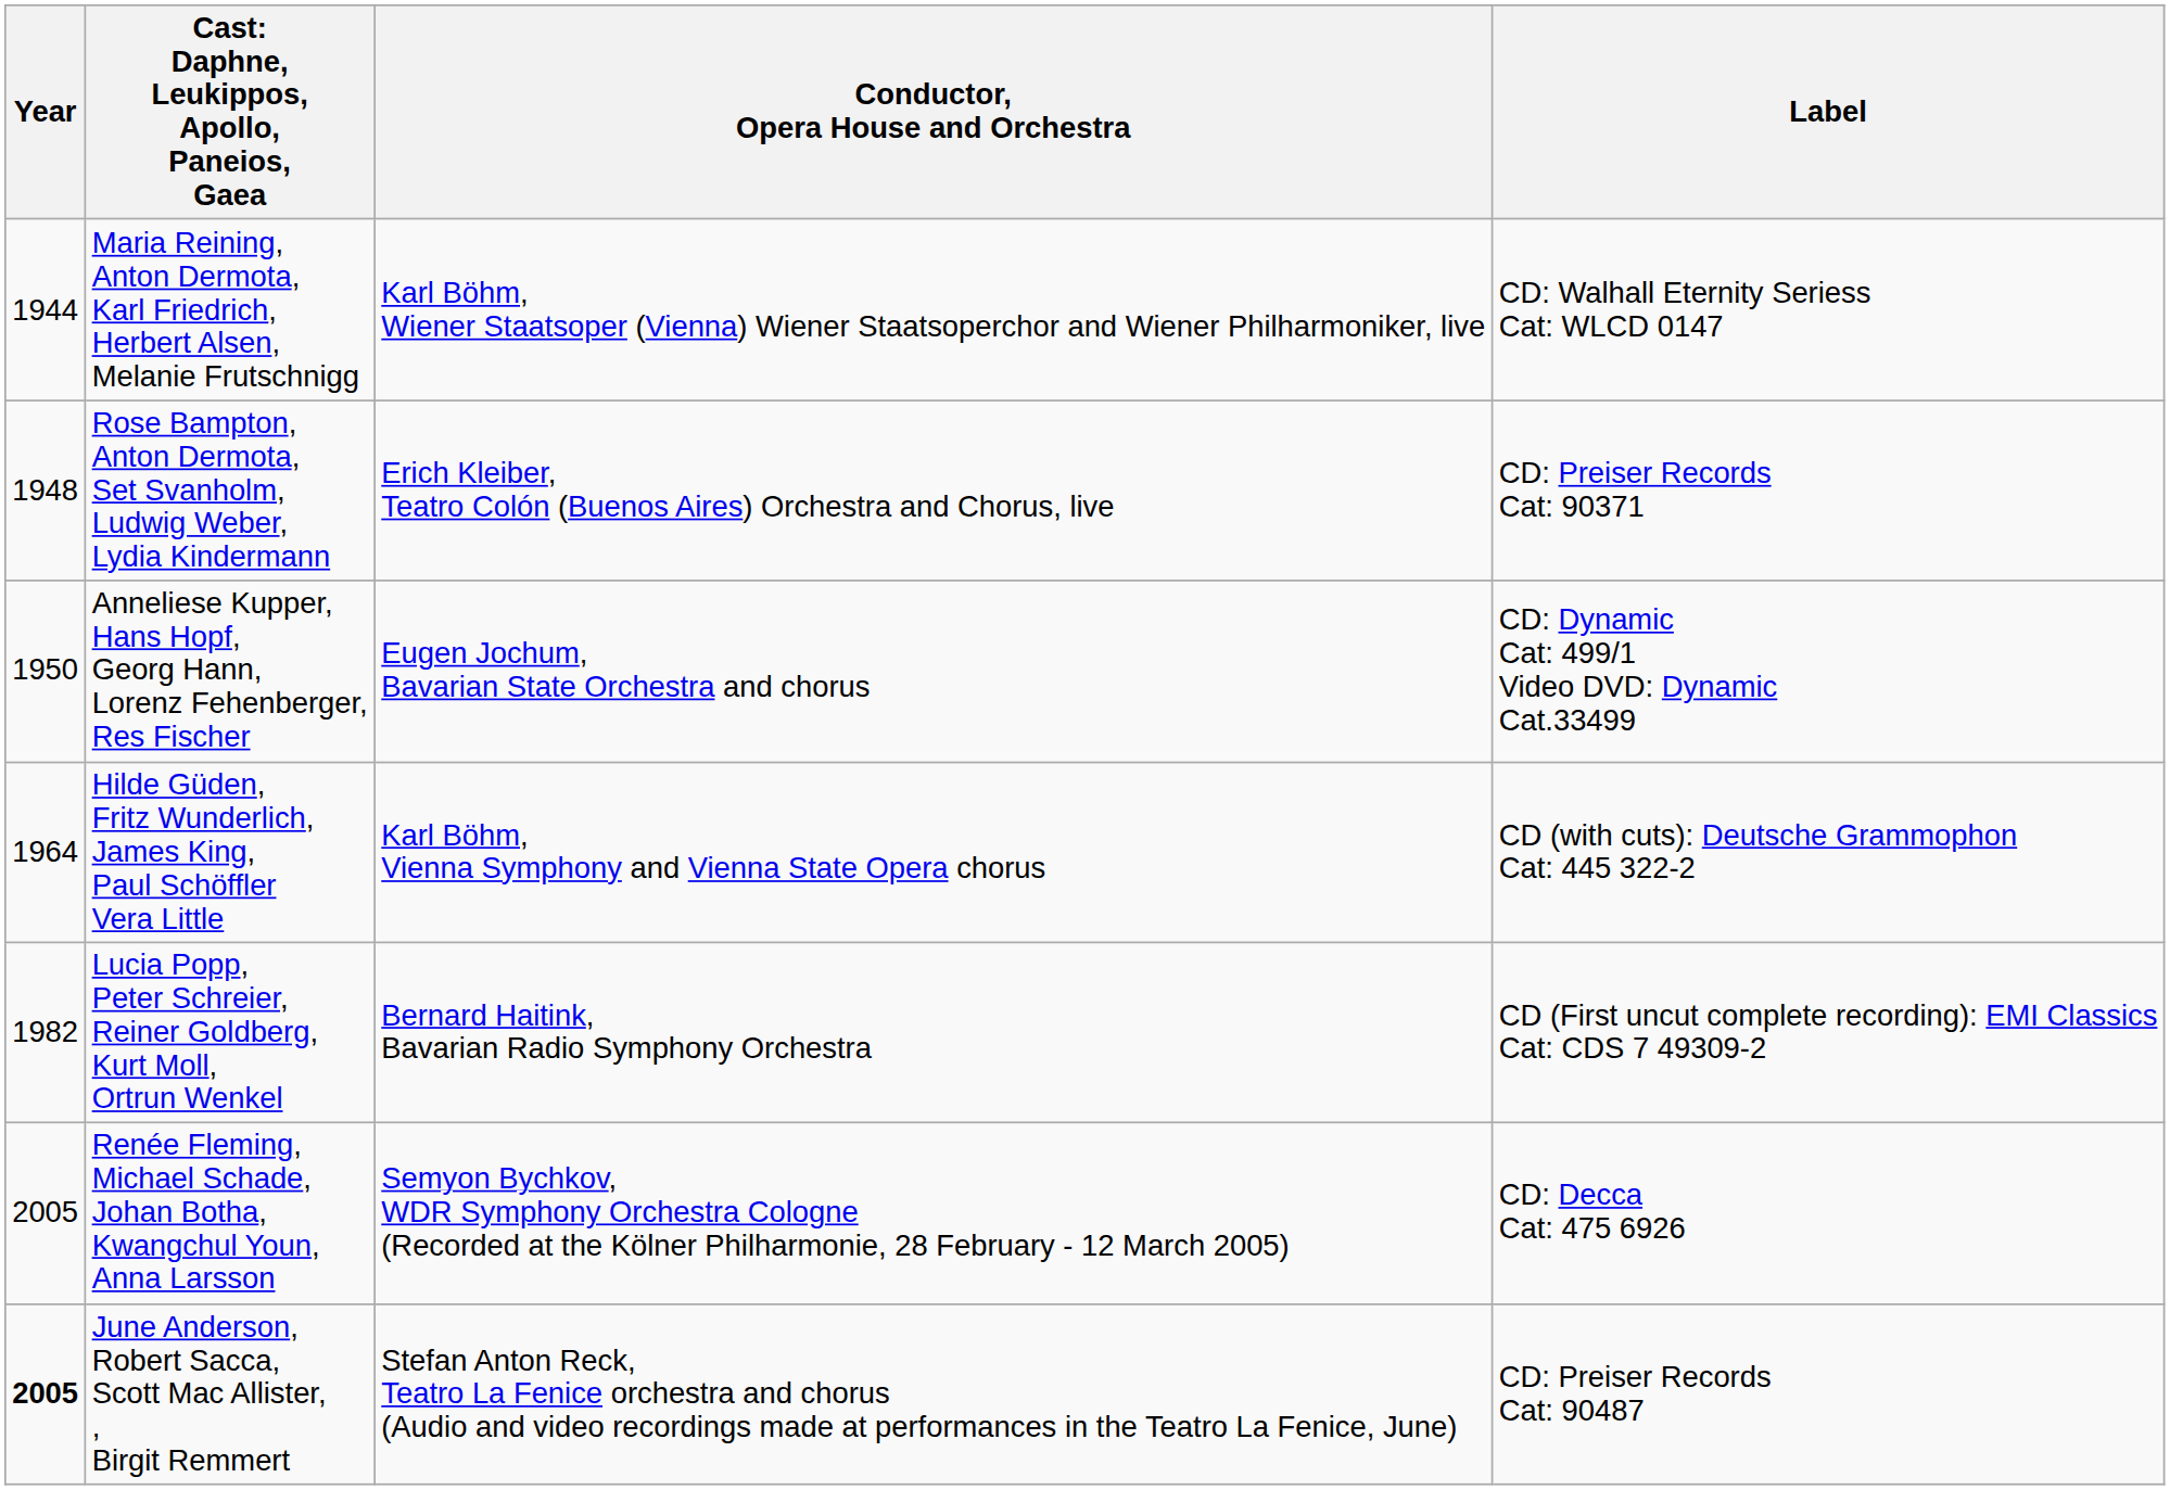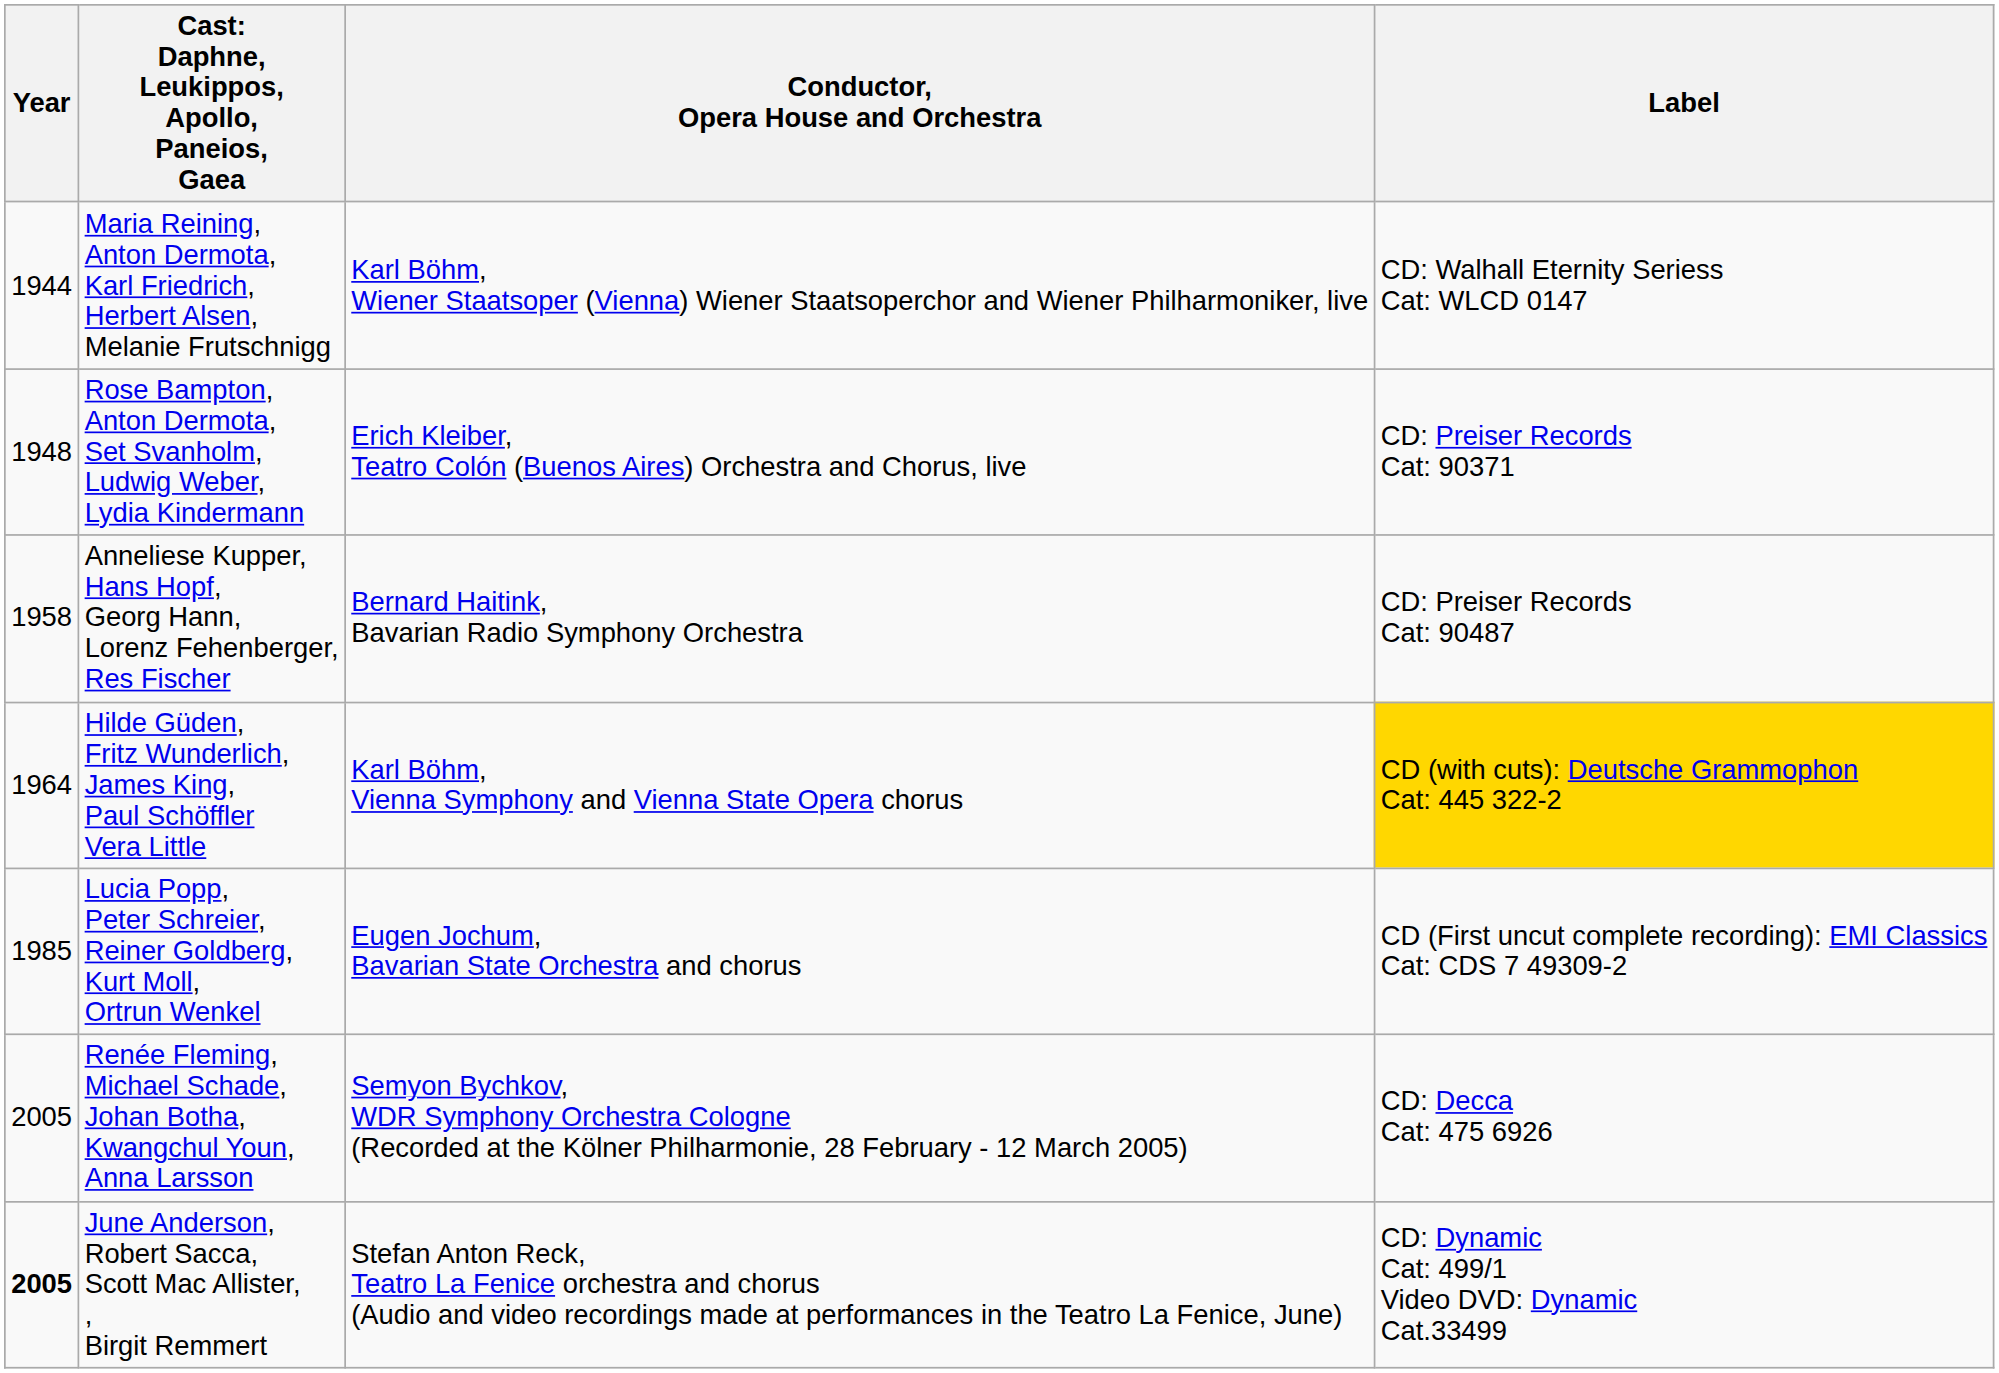 <table class="wikitable">
 <tr>
 <th>Year</th>
 <th>Cast:<br>Daphne,<br>Leukippos,<br>Apollo,<br>Paneios,<br>Gaea</th>
 <th>Conductor,<br>Opera House and Orchestra</th>
 <th>Label</th>
 </tr>
 <tr>
 <td>1944</td>
 <td><a href='#'>Maria Reining</a>,<br><a href='#'>Anton Dermota</a>,<br><a href='#'>Karl Friedrich</a>,<br><a href='#'>Herbert Alsen</a>,<br>Melanie Frutschnigg</td>
 <td><a href='#'>Karl Böhm</a>,<br><a href='#'>Wiener Staatsoper</a> (<a href='#'>Vienna</a>) Wiener Staatsoperchor and Wiener Philharmoniker, live</td>
 <td>CD: Walhall Eternity Seriess<br>Cat: WLCD 0147</td>
 </tr>
 <tr>
 <td>1948</td>
 <td><a href='#'>Rose Bampton</a>,<br><a href='#'>Anton Dermota</a>,<br><a href='#'>Set Svanholm</a>,<br><a href='#'>Ludwig Weber</a>,<br><a href='#'>Lydia Kindermann</a></td>
 <td><a href='#'>Erich Kleiber</a>,<br><a href='#'>Teatro Colón</a> (<a href='#'>Buenos Aires</a>) Orchestra and Chorus, live</td>
 <td>CD: <a href='#'>Preiser Records</a><br>Cat: 90371</td>
 </tr>
 <tr>
-<td>1950</td>
+<td>1958</td>
 <td>Anneliese Kupper,<br><a href='#'>Hans Hopf</a>,<br>Georg Hann,<br>Lorenz Fehenberger,<br><a href='#'>Res Fischer</a></td>
-<td><a href='#'>Eugen Jochum</a>,<br><a href='#'>Bavarian State Orchestra</a> and chorus</td>
-<td>CD: <a href='#'>Dynamic</a><br>Cat: 499/1<br>Video DVD: <a href='#'>Dynamic</a><br>Cat.33499</td>
+<td><a href='#'>Bernard Haitink</a>,<br>Bavarian Radio Symphony Orchestra</td>
+<td>CD: Preiser Records<br>Cat: 90487</td>
 </tr>
 <tr>
 <td>1964</td>
 <td><a href='#'>Hilde Güden</a>,<br><a href='#'>Fritz Wunderlich</a>,<br><a href='#'>James King</a>,<br><a href='#'>Paul Schöffler</a><br><a href='#'>Vera Little</a></td>
 <td><a href='#'>Karl Böhm</a>,<br><a href='#'>Vienna Symphony</a> and <a href='#'>Vienna State Opera</a> chorus</td>
-<td>CD (with cuts): <a href='#'>Deutsche Grammophon</a><br>Cat: 445 322-2</td>
+<td style="background: gold;">CD (with cuts): <a href='#'>Deutsche Grammophon</a><br>Cat: 445 322-2</td>
 </tr>
 <tr>
-<td>1982</td>
+<td>1985</td>
 <td><a href='#'>Lucia Popp</a>,<br><a href='#'>Peter Schreier</a>,<br><a href='#'>Reiner Goldberg</a>,<br><a href='#'>Kurt Moll</a>,<br><a href='#'>Ortrun Wenkel</a></td>
-<td><a href='#'>Bernard Haitink</a>,<br>Bavarian Radio Symphony Orchestra</td>
+<td><a href='#'>Eugen Jochum</a>,<br><a href='#'>Bavarian State Orchestra</a> and chorus</td>
 <td>CD (First uncut complete recording): <a href='#'>EMI Classics</a><br>Cat: CDS 7 49309-2 </td>
 </tr>
 <tr>
 <td>2005</td>
 <td><a href='#'>Renée Fleming</a>,<br><a href='#'>Michael Schade</a>,<br><a href='#'>Johan Botha</a>,<br><a href='#'>Kwangchul Youn</a>,<br><a href='#'>Anna Larsson</a></td>
 <td><a href='#'>Semyon Bychkov</a>,<br><a href='#'>WDR Symphony Orchestra Cologne</a><br>(Recorded at the Kölner Philharmonie, 28 February - 12 March 2005)</td>
 <td>CD: <a href='#'>Decca</a><br>Cat: 475 6926</td>
 </tr>
 <tr>
 <td><strong>2005</strong></td>
 <td><a href='#'>June Anderson</a>,<br>Robert Sacca,<br>Scott Mac Allister,<br>,<br>Birgit Remmert</td>
 <td>Stefan Anton Reck,<br><a href='#'>Teatro La Fenice</a> orchestra and chorus<br>(Audio and video recordings made at performances in the Teatro La Fenice, June)</td>
-<td>CD: Preiser Records<br>Cat: 90487</td>
+<td>CD: <a href='#'>Dynamic</a><br>Cat: 499/1<br>Video DVD: <a href='#'>Dynamic</a><br>Cat.33499</td>
 </tr>
 </table>
